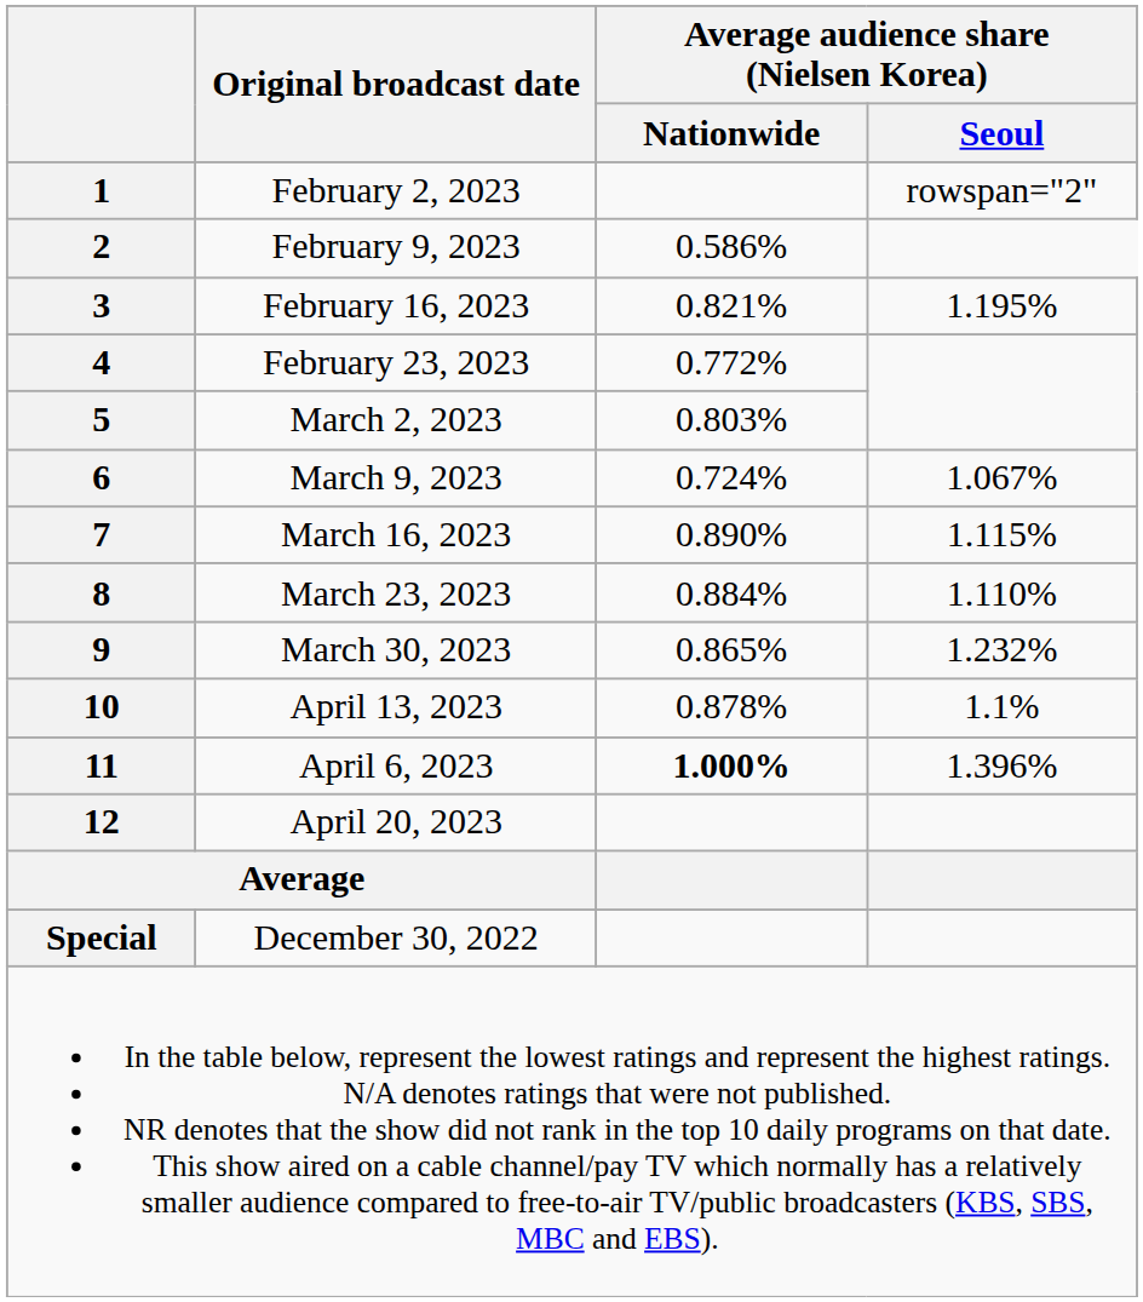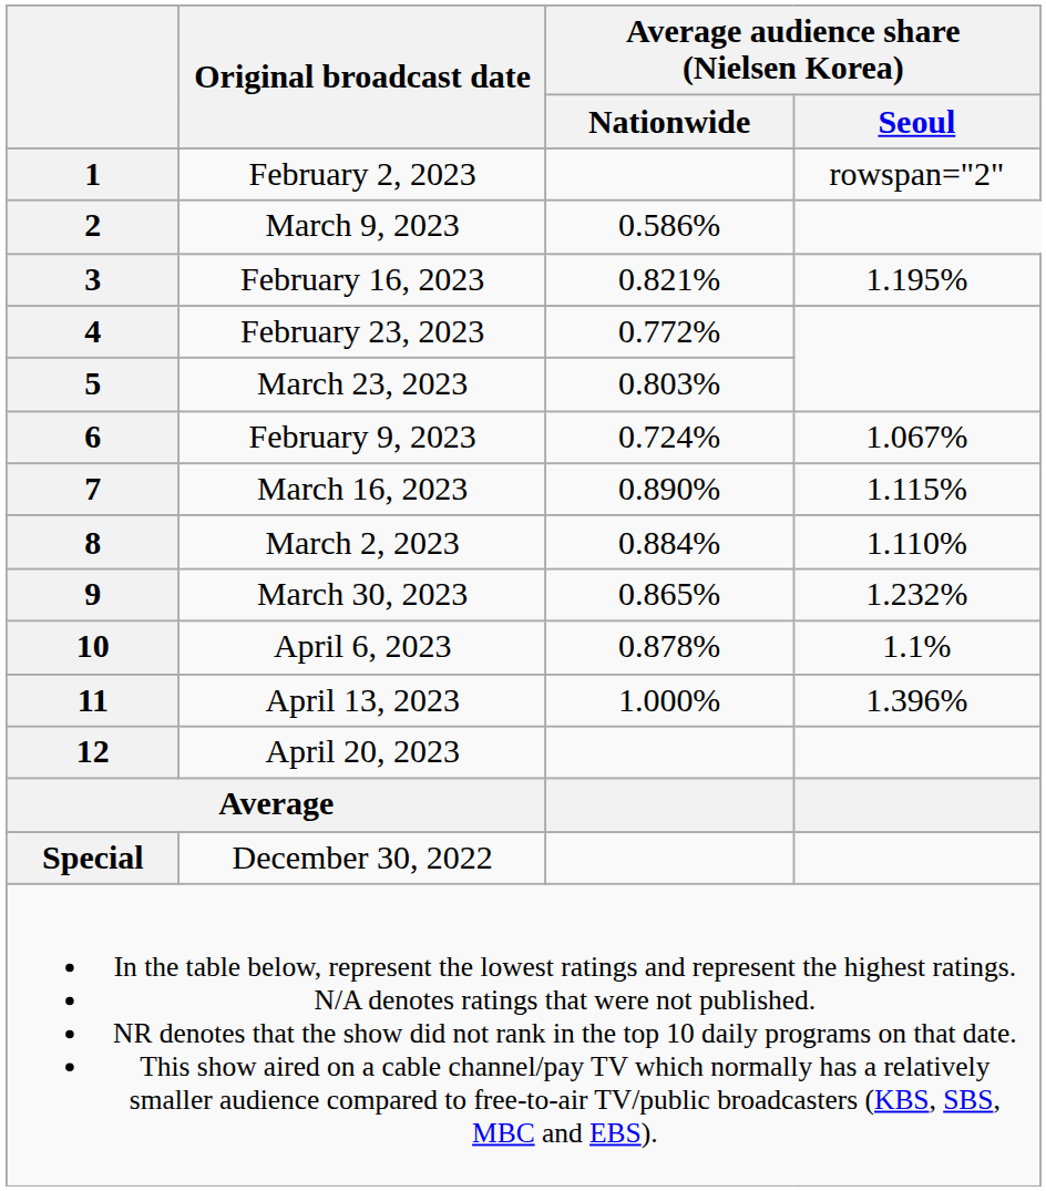 <table class="wikitable" style="text-align:center;max-width:500px; margin-left: auto; margin-right: auto; border: none">
 <tr>
 <th scope="col" rowspan="2"></th>
 <th scope="col" rowspan="2">Original broadcast date</th>
 <th scope="col" colspan="2">Average audience share<br>(Nielsen Korea)</th>
 </tr>
 <tr>
 <th scope="col" style="width:7em">Nationwide</th>
 <th scope="col" style="width:7em"><a href='#'>Seoul</a></th>
 </tr>
 <tr>
 <th scope="row">1</th>
 <td>February 2, 2023</td>
 <td><strong></strong> </td>
 <td>rowspan="2" </td>
 </tr>
 <tr>
 <th scope="row">2</th>
-<td>February 9, 2023</td>
+<td>March 9, 2023</td>
 <td>0.586% </td>
 </tr>
 <tr>
 <th scope="row">3</th>
 <td>February 16, 2023</td>
 <td>0.821% </td>
 <td>1.195% </td>
 </tr>
 <tr>
 <th scope="row">4</th>
 <td>February 23, 2023</td>
 <td>0.772% </td>
 <td rowspan="2"><strong></strong> </td>
 </tr>
 <tr>
 <th scope="row">5</th>
-<td>March 2, 2023</td>
+<td>March 23, 2023</td>
 <td>0.803% </td>
 </tr>
 <tr>
 <th scope="row">6</th>
-<td>March 9, 2023</td>
+<td>February 9, 2023</td>
 <td>0.724% </td>
 <td>1.067% </td>
 </tr>
 <tr>
 <th scope="row">7</th>
 <td>March 16, 2023</td>
 <td>0.890% </td>
 <td>1.115% </td>
 </tr>
 <tr>
 <th scope="row">8</th>
-<td>March 23, 2023</td>
+<td>March 2, 2023</td>
 <td>0.884% </td>
 <td>1.110% </td>
 </tr>
 <tr>
 <th scope="row">9</th>
 <td>March 30, 2023</td>
 <td>0.865% </td>
 <td>1.232% </td>
 </tr>
 <tr>
 <th scope="row">10</th>
-<td>April 13, 2023</td>
+<td>April 6, 2023</td>
 <td>0.878% </td>
 <td>1.1% </td>
 </tr>
 <tr>
 <th scope="row">11</th>
-<td>April 6, 2023</td>
-<td><strong>1.000% </strong></td>
+<td>April 13, 2023</td>
+<td>1.000% </td>
 <td>1.396% </td>
 </tr>
 <tr>
 <th scope="row">12</th>
 <td>April 20, 2023</td>
 <td><strong></strong> </td>
 <td><strong></strong> </td>
 </tr>
 <tr>
 <th scope="col" colspan="2">Average</th>
 <th></th>
 <th></th>
 </tr>
 <tr>
 <th scope="row">Special</th>
 <td>December 30, 2022</td>
 <td></td>
 <td></td>
 </tr>
 <tr>
 <td colspan="4" style="font-size:85%"><br><ul><li>In the table below,  represent the lowest ratings and  represent the highest ratings.</li><li>N/A denotes ratings that were not published.</li><li>NR denotes that the show did not rank in the top 10 daily programs on that date.</li><li>This show aired on a cable channel/pay TV which normally has a relatively smaller audience compared to free-to-air TV/public broadcasters (<a href='#'>KBS</a>, <a href='#'>SBS</a>, <a href='#'>MBC</a> and <a href='#'>EBS</a>).</li></ul></td>
 </tr>
 </table>
